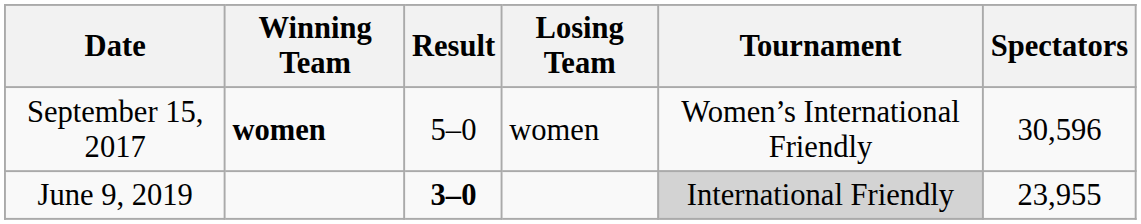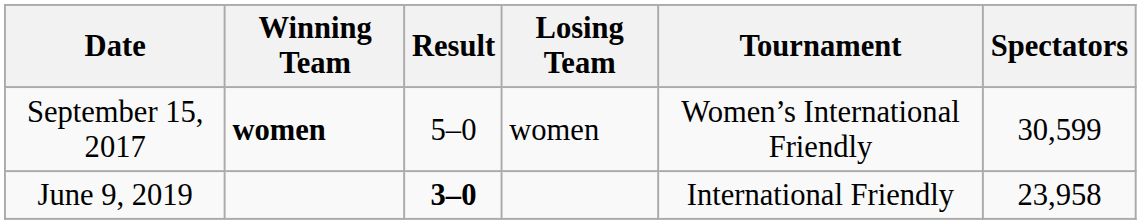 <table class="wikitable" style="text-align:left; width:95%;" style="text-align:center">
 <tr>
 <th style="text-align:center; ">Date</th>
 <th style="text-align:center; ">Winning Team</th>
 <th style="text-align:center; ">Result</th>
 <th style="text-align:center; ">Losing Team</th>
 <th style="text-align:center; ">Tournament</th>
 <th style="text-align:center; ">Spectators</th>
 </tr>
 <tr>
 <td style="text-align:center;">September 15, 2017</td>
 <td><strong> women</strong></td>
 <td style="text-align:center;">5–0</td>
 <td> women</td>
 <td style="text-align:center;">Women’s International Friendly</td>
-<td style="text-align:center;">30,596</td>
+<td style="text-align:center;">30,599</td>
 </tr>
 <tr>
 <td style="text-align:center;">June 9, 2019</td>
 <td><strong></strong></td>
 <td style="text-align:center;"><strong>3–0</strong></td>
 <td></td>
-<td style="background: lightgrey; text-align:center;">International Friendly</td>
-<td style="text-align:center;">23,955</td>
+<td style="text-align:center;">International Friendly</td>
+<td style="text-align:center;">23,958</td>
 </tr>
 </table>
